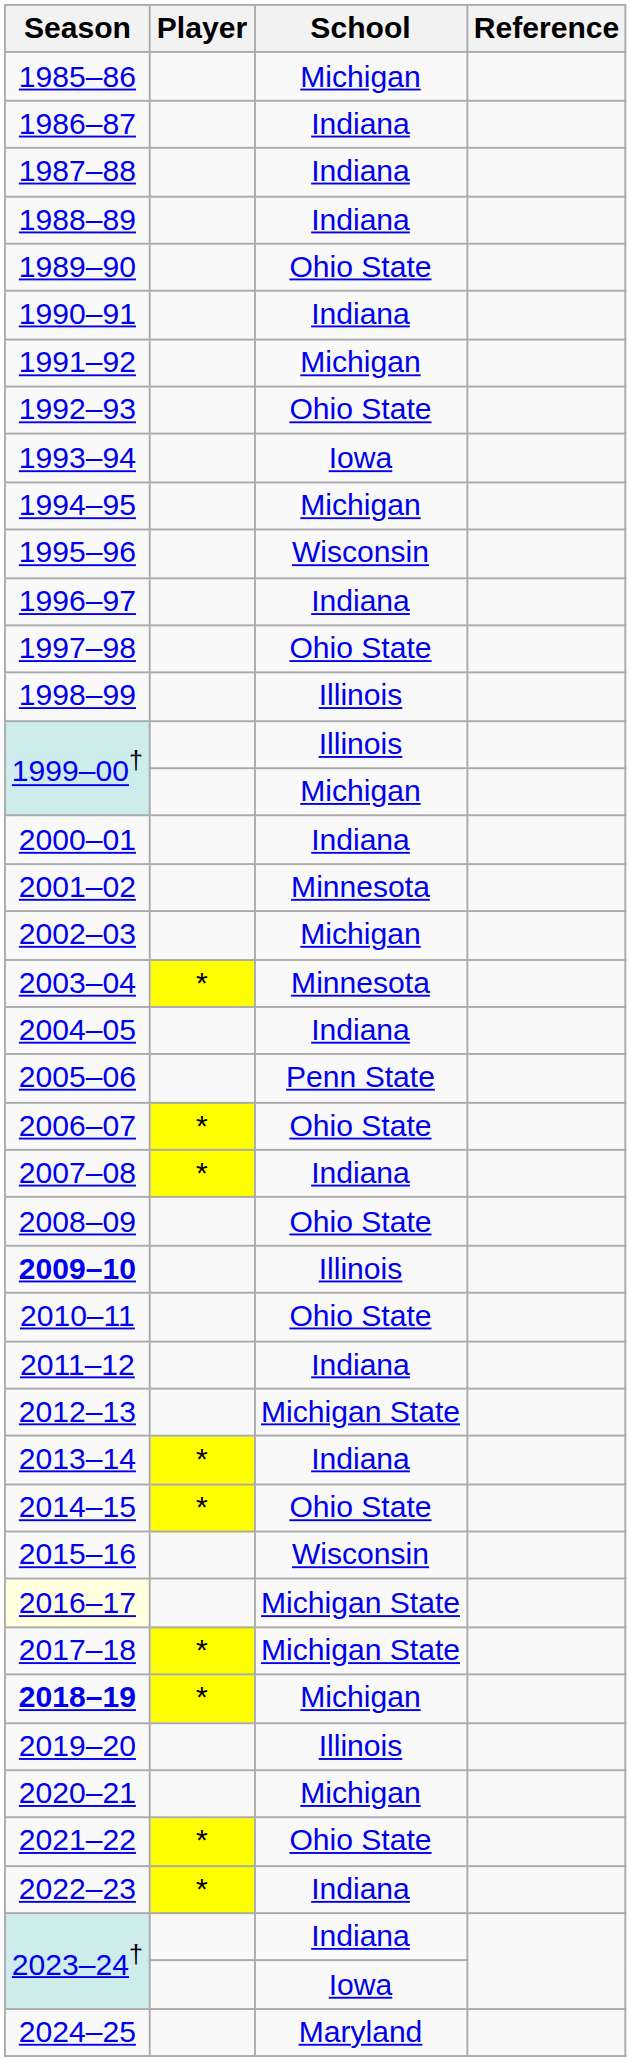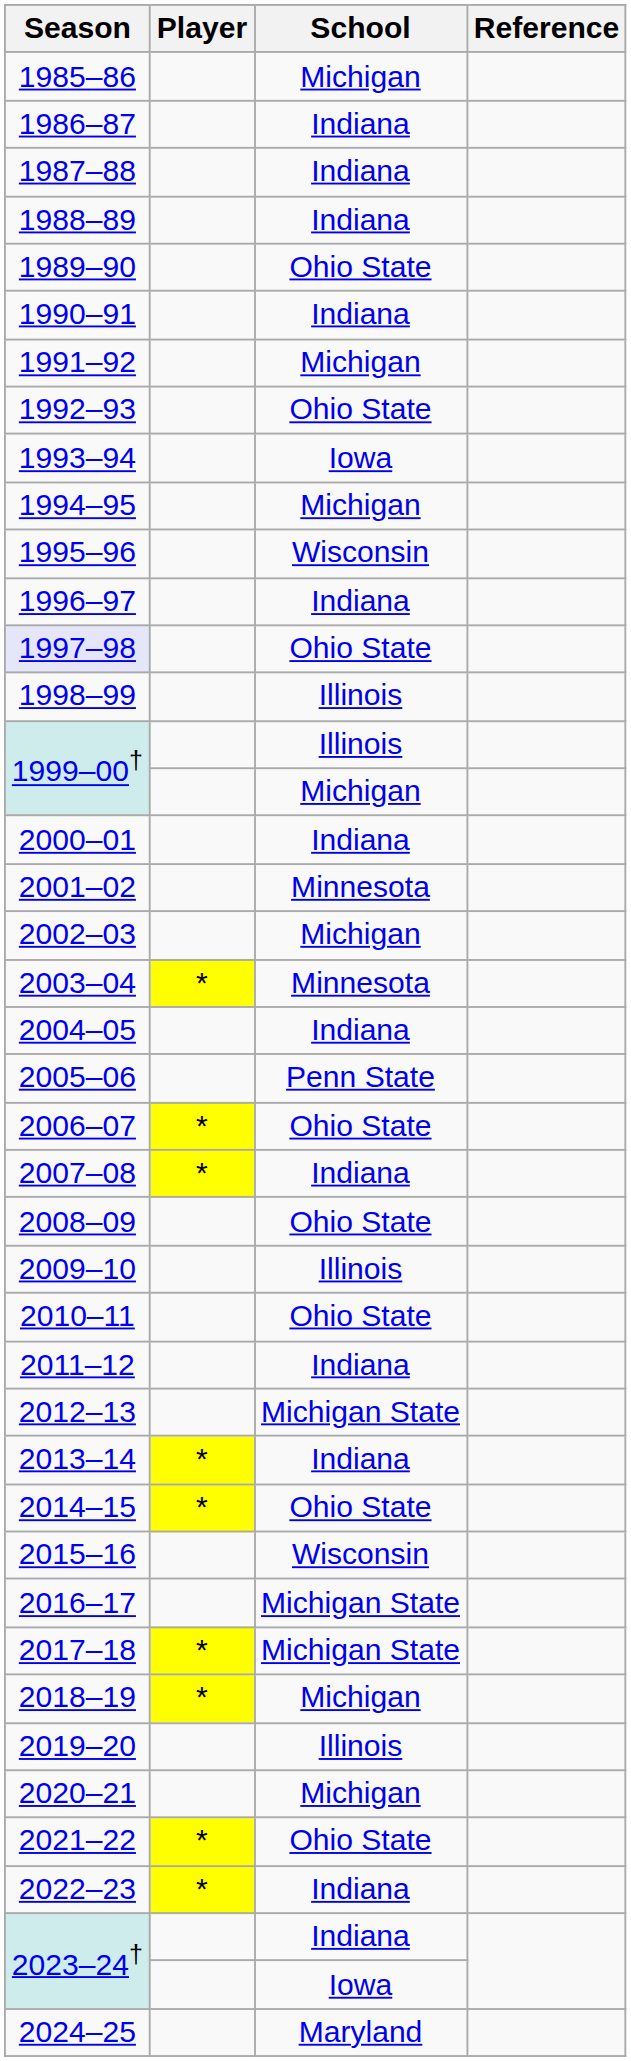 <table class="wikitable sortable">
 <tr>
 <th>Season</th>
 <th>Player</th>
 <th>School</th>
 <th class="unsortable">Reference</th>
 </tr>
 <tr align=center>
 <td><a href='#'>1985–86</a></td>
 <td></td>
 <td><a href='#'>Michigan</a></td>
 <td></td>
 </tr>
 <tr align=center>
 <td><a href='#'>1986–87</a></td>
 <td></td>
 <td><a href='#'>Indiana</a></td>
 <td></td>
 </tr>
 <tr align=center>
 <td><a href='#'>1987–88</a></td>
 <td></td>
 <td><a href='#'>Indiana</a></td>
 <td></td>
 </tr>
 <tr align=center>
 <td><a href='#'>1988–89</a></td>
 <td></td>
 <td><a href='#'>Indiana</a></td>
 <td></td>
 </tr>
 <tr align=center>
 <td><a href='#'>1989–90</a></td>
 <td></td>
 <td><a href='#'>Ohio State</a></td>
 <td></td>
 </tr>
 <tr align=center>
 <td><a href='#'>1990–91</a></td>
 <td></td>
 <td><a href='#'>Indiana</a></td>
 <td></td>
 </tr>
 <tr align=center>
 <td><a href='#'>1991–92</a></td>
 <td></td>
 <td><a href='#'>Michigan</a></td>
 <td></td>
 </tr>
 <tr align=center>
 <td><a href='#'>1992–93</a></td>
 <td></td>
 <td><a href='#'>Ohio State</a></td>
 <td></td>
 </tr>
 <tr align=center>
 <td><a href='#'>1993–94</a></td>
 <td></td>
 <td><a href='#'>Iowa</a></td>
 <td></td>
 </tr>
 <tr align=center>
 <td><a href='#'>1994–95</a></td>
 <td></td>
 <td><a href='#'>Michigan</a></td>
 <td></td>
 </tr>
 <tr align=center>
 <td><a href='#'>1995–96</a></td>
 <td></td>
 <td><a href='#'>Wisconsin</a></td>
 <td></td>
 </tr>
 <tr align=center>
 <td><a href='#'>1996–97</a></td>
 <td></td>
 <td><a href='#'>Indiana</a></td>
 <td></td>
 </tr>
 <tr align=center>
-<td><a href='#'>1997–98</a></td>
+<td style="background: lavender;"><a href='#'>1997–98</a></td>
 <td></td>
 <td><a href='#'>Ohio State</a></td>
 <td></td>
 </tr>
 <tr align=center>
 <td><a href='#'>1998–99</a></td>
 <td></td>
 <td><a href='#'>Illinois</a></td>
 <td></td>
 </tr>
 <tr align=center>
 <td style="background-color:#CFECEC;" rowspan=2><a href='#'>1999–00</a><sup>†</sup></td>
 <td></td>
 <td><a href='#'>Illinois</a></td>
 <td></td>
 </tr>
 <tr align=center>
 <td></td>
 <td><a href='#'>Michigan</a></td>
 <td></td>
 </tr>
 <tr align=center>
 <td><a href='#'>2000–01</a></td>
 <td></td>
 <td><a href='#'>Indiana</a></td>
 <td></td>
 </tr>
 <tr align=center>
 <td><a href='#'>2001–02</a></td>
 <td></td>
 <td><a href='#'>Minnesota</a></td>
 <td></td>
 </tr>
 <tr align=center>
 <td><a href='#'>2002–03</a></td>
 <td></td>
 <td><a href='#'>Michigan</a></td>
 <td></td>
 </tr>
 <tr align=center>
 <td><a href='#'>2003–04</a></td>
 <td style="background-color:#FFFF00;">*</td>
 <td><a href='#'>Minnesota</a></td>
 <td></td>
 </tr>
 <tr align=center>
 <td><a href='#'>2004–05</a></td>
 <td></td>
 <td><a href='#'>Indiana</a></td>
 <td></td>
 </tr>
 <tr align=center>
 <td><a href='#'>2005–06</a></td>
 <td></td>
 <td><a href='#'>Penn State</a></td>
 <td></td>
 </tr>
 <tr align=center>
 <td><a href='#'>2006–07</a></td>
 <td style="background-color:#FFFF00;">*</td>
 <td><a href='#'>Ohio State</a></td>
 <td></td>
 </tr>
 <tr align=center>
 <td><a href='#'>2007–08</a></td>
 <td style="background-color:#FFFF00;">*</td>
 <td><a href='#'>Indiana</a></td>
 <td></td>
 </tr>
 <tr align=center>
 <td><a href='#'>2008–09</a></td>
 <td></td>
 <td><a href='#'>Ohio State</a></td>
 <td></td>
 </tr>
 <tr align=center>
-<td><strong><a href='#'>2009–10</a></strong></td>
+<td><a href='#'>2009–10</a></td>
 <td></td>
 <td><a href='#'>Illinois</a></td>
 <td></td>
 </tr>
 <tr align=center>
 <td><a href='#'>2010–11</a></td>
 <td></td>
 <td><a href='#'>Ohio State</a></td>
 <td></td>
 </tr>
 <tr align=center>
 <td><a href='#'>2011–12</a></td>
 <td></td>
 <td><a href='#'>Indiana</a></td>
 <td></td>
 </tr>
 <tr align=center>
 <td><a href='#'>2012–13</a></td>
 <td></td>
 <td><a href='#'>Michigan State</a></td>
 <td></td>
 </tr>
 <tr align=center>
 <td><a href='#'>2013–14</a></td>
 <td style="background-color:#FFFF00;">*</td>
 <td><a href='#'>Indiana</a></td>
 <td></td>
 </tr>
 <tr align=center>
 <td><a href='#'>2014–15</a></td>
 <td style="background-color:#FFFF00;">*</td>
 <td><a href='#'>Ohio State</a></td>
 <td></td>
 </tr>
 <tr align=center>
 <td><a href='#'>2015–16</a></td>
 <td></td>
 <td><a href='#'>Wisconsin</a></td>
 <td></td>
 </tr>
 <tr align=center>
-<td style="background: lightyellow;"><a href='#'>2016–17</a></td>
+<td><a href='#'>2016–17</a></td>
 <td></td>
 <td><a href='#'>Michigan State</a></td>
 <td></td>
 </tr>
 <tr align=center>
 <td><a href='#'>2017–18</a></td>
 <td style="background-color:#FFFF00;">*</td>
 <td><a href='#'>Michigan State</a></td>
 <td></td>
 </tr>
 <tr align=center>
-<td><strong><a href='#'>2018–19</a></strong></td>
+<td><a href='#'>2018–19</a></td>
 <td style="background-color:#FFFF00;">*</td>
 <td><a href='#'>Michigan</a></td>
 <td></td>
 </tr>
 <tr align=center>
 <td><a href='#'>2019–20</a></td>
 <td></td>
 <td><a href='#'>Illinois</a></td>
 <td></td>
 </tr>
 <tr align=center>
 <td><a href='#'>2020–21</a></td>
 <td></td>
 <td><a href='#'>Michigan</a></td>
 <td></td>
 </tr>
 <tr align=center>
 <td><a href='#'>2021–22</a></td>
 <td style="background-color:#FFFF00;">*</td>
 <td><a href='#'>Ohio State</a></td>
 <td></td>
 </tr>
 <tr align=center>
 <td><a href='#'>2022–23</a></td>
 <td style="background-color:#FFFF00;">*</td>
 <td><a href='#'>Indiana</a></td>
 <td></td>
 </tr>
 <tr align=center>
 <td style="background-color:#CFECEC;" rowspan=2><a href='#'>2023–24</a><sup>†</sup></td>
 <td></td>
 <td><a href='#'>Indiana</a></td>
 <td rowspan="2"></td>
 </tr>
 <tr align=center>
 <td></td>
 <td><a href='#'>Iowa</a></td>
 </tr>
 <tr align=center>
 <td><a href='#'>2024–25</a></td>
 <td></td>
 <td><a href='#'>Maryland</a></td>
 <td></td>
 </tr>
 </table>
